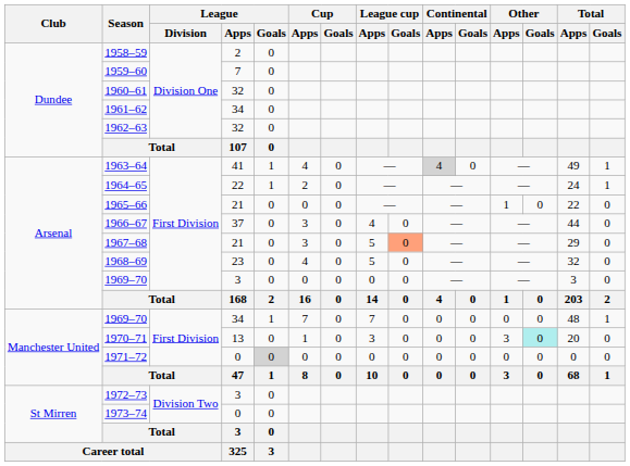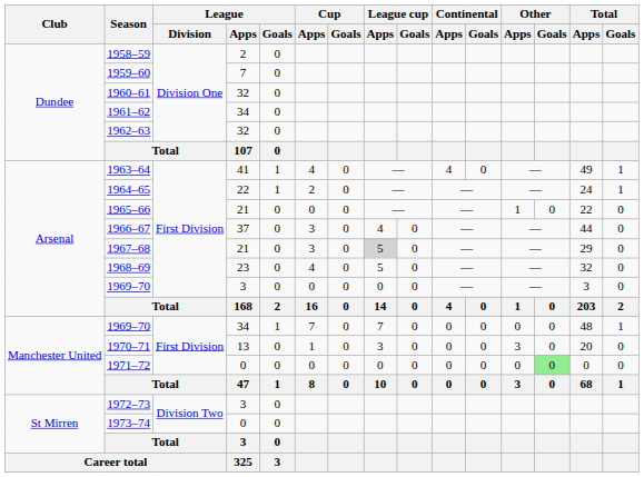 <table class="wikitable" style="text-align:center">
 <tr>
 <th rowspan="2">Club</th>
 <th rowspan="2">Season</th>
 <th colspan="3">League</th>
 <th colspan="2">Cup</th>
 <th colspan="2">League cup</th>
 <th colspan="2">Continental</th>
 <th colspan="2">Other</th>
 <th colspan="2">Total</th>
 </tr>
 <tr>
 <th>Division</th>
 <th>Apps</th>
 <th>Goals</th>
 <th>Apps</th>
 <th>Goals</th>
 <th>Apps</th>
 <th>Goals</th>
 <th>Apps</th>
 <th>Goals</th>
 <th>Apps</th>
 <th>Goals</th>
 <th>Apps</th>
 <th>Goals</th>
 </tr>
 <tr>
 <td rowspan="6"><a href='#'>Dundee</a></td>
 <td><a href='#'>1958–59</a></td>
 <td rowspan="5"><a href='#'>Division One</a></td>
 <td>2</td>
 <td>0</td>
 <td></td>
 <td></td>
 <td></td>
 <td></td>
 <td></td>
 <td></td>
 <td></td>
 <td></td>
 <td></td>
 <td></td>
 </tr>
 <tr>
 <td><a href='#'>1959–60</a></td>
 <td>7</td>
 <td>0</td>
 <td></td>
 <td></td>
 <td></td>
 <td></td>
 <td></td>
 <td></td>
 <td></td>
 <td></td>
 <td></td>
 <td></td>
 </tr>
 <tr>
 <td><a href='#'>1960–61</a></td>
 <td>32</td>
 <td>0</td>
 <td></td>
 <td></td>
 <td></td>
 <td></td>
 <td></td>
 <td></td>
 <td></td>
 <td></td>
 <td></td>
 <td></td>
 </tr>
 <tr>
 <td><a href='#'>1961–62</a></td>
 <td>34</td>
 <td>0</td>
 <td></td>
 <td></td>
 <td></td>
 <td></td>
 <td></td>
 <td></td>
 <td></td>
 <td></td>
 <td></td>
 <td></td>
 </tr>
 <tr>
 <td><a href='#'>1962–63</a></td>
 <td>32</td>
 <td>0</td>
 <td></td>
 <td></td>
 <td></td>
 <td></td>
 <td></td>
 <td></td>
 <td></td>
 <td></td>
 <td></td>
 <td></td>
 </tr>
 <tr>
 <th colspan="2">Total</th>
 <th>107</th>
 <th>0</th>
 <th></th>
 <th></th>
 <th></th>
 <th></th>
 <th></th>
 <th></th>
 <th></th>
 <th></th>
 <th></th>
 <th></th>
 </tr>
 <tr>
 <td rowspan="8"><a href='#'>Arsenal</a></td>
 <td><a href='#'>1963–64</a></td>
 <td rowspan="7"><a href='#'>First Division</a></td>
 <td>41</td>
 <td>1</td>
 <td>4</td>
 <td>0</td>
 <td colspan="2">—</td>
-<td style="background: lightgrey;">4</td>
+<td>4</td>
 <td>0</td>
 <td colspan="2">—</td>
 <td>49</td>
 <td>1</td>
 </tr>
 <tr>
 <td><a href='#'>1964–65</a></td>
 <td>22</td>
 <td>1</td>
 <td>2</td>
 <td>0</td>
 <td colspan="2">—</td>
 <td colspan="2">—</td>
 <td colspan="2">—</td>
 <td>24</td>
 <td>1</td>
 </tr>
 <tr>
 <td><a href='#'>1965–66</a></td>
 <td>21</td>
 <td>0</td>
 <td>0</td>
 <td>0</td>
 <td colspan="2">—</td>
 <td colspan="2">—</td>
 <td>1</td>
 <td>0</td>
 <td>22</td>
 <td>0</td>
 </tr>
 <tr>
 <td><a href='#'>1966–67</a></td>
 <td>37</td>
 <td>0</td>
 <td>3</td>
 <td>0</td>
 <td>4</td>
 <td>0</td>
 <td colspan="2">—</td>
 <td colspan="2">—</td>
 <td>44</td>
 <td>0</td>
 </tr>
 <tr>
 <td><a href='#'>1967–68</a></td>
 <td>21</td>
 <td>0</td>
 <td>3</td>
 <td>0</td>
-<td>5</td>
-<td style="background: lightsalmon;">0</td>
+<td style="background: lightgrey;">5</td>
+<td>0</td>
 <td colspan="2">—</td>
 <td colspan="2">—</td>
 <td>29</td>
 <td>0</td>
 </tr>
 <tr>
 <td><a href='#'>1968–69</a></td>
 <td>23</td>
 <td>0</td>
 <td>4</td>
 <td>0</td>
 <td>5</td>
 <td>0</td>
 <td colspan="2">—</td>
 <td colspan="2">—</td>
 <td>32</td>
 <td>0</td>
 </tr>
 <tr>
 <td><a href='#'>1969–70</a></td>
 <td>3</td>
 <td>0</td>
 <td>0</td>
 <td>0</td>
 <td>0</td>
 <td>0</td>
 <td colspan="2">—</td>
 <td colspan="2">—</td>
 <td>3</td>
 <td>0</td>
 </tr>
 <tr>
 <th colspan="2">Total</th>
 <th>168</th>
 <th>2</th>
 <th>16</th>
 <th>0</th>
 <th>14</th>
 <th>0</th>
 <th>4</th>
 <th>0</th>
 <th>1</th>
 <th>0</th>
 <th>203</th>
 <th>2</th>
 </tr>
 <tr>
 <td rowspan="4"><a href='#'>Manchester United</a></td>
 <td><a href='#'>1969–70</a></td>
 <td rowspan="3"><a href='#'>First Division</a></td>
 <td>34</td>
 <td>1</td>
 <td>7</td>
 <td>0</td>
 <td>7</td>
 <td>0</td>
 <td>0</td>
 <td>0</td>
 <td>0</td>
 <td>0</td>
 <td>48</td>
 <td>1</td>
 </tr>
 <tr>
 <td><a href='#'>1970–71</a></td>
 <td>13</td>
 <td>0</td>
 <td>1</td>
 <td>0</td>
 <td>3</td>
 <td>0</td>
 <td>0</td>
 <td>0</td>
 <td>3</td>
-<td style="background: paleturquoise;">0</td>
+<td>0</td>
 <td>20</td>
 <td>0</td>
 </tr>
 <tr>
 <td><a href='#'>1971–72</a></td>
-<td>0</td>
-<td style="background: lightgrey;">0</td>
 <td>0</td>
 <td>0</td>
 <td>0</td>
 <td>0</td>
 <td>0</td>
 <td>0</td>
 <td>0</td>
 <td>0</td>
+<td>0</td>
+<td style="background: lightgreen;">0</td>
 <td>0</td>
 <td>0</td>
 </tr>
 <tr>
 <th colspan="2">Total</th>
 <th>47</th>
 <th>1</th>
 <th>8</th>
 <th>0</th>
 <th>10</th>
 <th>0</th>
 <th>0</th>
 <th>0</th>
 <th>3</th>
 <th>0</th>
 <th>68</th>
 <th>1</th>
 </tr>
 <tr>
 <td rowspan="3"><a href='#'>St Mirren</a></td>
 <td><a href='#'>1972–73</a></td>
 <td rowspan="2"><a href='#'>Division Two</a></td>
 <td>3</td>
 <td>0</td>
 <td></td>
 <td></td>
 <td></td>
 <td></td>
 <td></td>
 <td></td>
 <td></td>
 <td></td>
 <td></td>
 <td></td>
 </tr>
 <tr>
 <td><a href='#'>1973–74</a></td>
 <td>0</td>
 <td>0</td>
 <td></td>
 <td></td>
 <td></td>
 <td></td>
 <td></td>
 <td></td>
 <td></td>
 <td></td>
 <td></td>
 <td></td>
 </tr>
 <tr>
 <th colspan="2">Total</th>
 <th>3</th>
 <th>0</th>
 <th></th>
 <th></th>
 <th></th>
 <th></th>
 <th></th>
 <th></th>
 <th></th>
 <th></th>
 <th></th>
 <th></th>
 </tr>
 <tr>
 <th colspan="3">Career total</th>
 <th>325</th>
 <th>3</th>
 <th></th>
 <th></th>
 <th></th>
 <th></th>
 <th></th>
 <th></th>
 <th></th>
 <th></th>
 <th></th>
 <th></th>
 </tr>
 </table>
